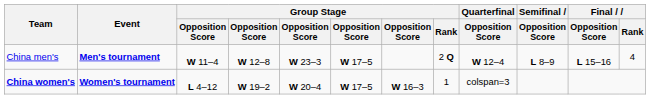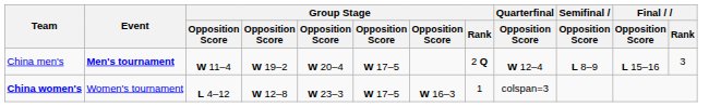 <table class=wikitable style=font-size:85%;text-align:center>
 <tr>
 <th rowspan=2>Team</th>
 <th rowspan=2>Event</th>
 <th colspan=6>Group Stage</th>
 <th>Quarterfinal</th>
 <th>Semifinal / </th>
 <th colspan=2>Final /  / </th>
 </tr>
 <tr style="font-size:95%">
 <th>Opposition<br>Score</th>
 <th>Opposition<br>Score</th>
 <th>Opposition<br>Score</th>
 <th>Opposition<br>Score</th>
 <th>Opposition<br>Score</th>
 <th>Rank</th>
 <th>Opposition<br>Score</th>
 <th>Opposition<br>Score</th>
 <th>Opposition<br>Score</th>
 <th>Rank</th>
 </tr>
 <tr>
 <td align=left><a href='#'>China men's</a></td>
 <td align=left><strong><a href='#'>Men's tournament</a></strong></td>
 <td><br><strong>W</strong> 11–4</td>
-<td><br><strong>W</strong> 12–8</td>
-<td><br><strong>W</strong> 23–3</td>
+<td><br><strong>W</strong> 19–2</td>
+<td><br><strong>W</strong> 20–4</td>
 <td><br><strong>W</strong> 17–5</td>
 <td></td>
 <td>2 <strong>Q</strong></td>
 <td><br><strong>W</strong> 12–4</td>
 <td><br><strong>L</strong> 8–9</td>
 <td><br><strong>L</strong> 15–16</td>
-<td>4</td>
+<td>3</td>
 </tr>
 <tr>
 <td align=left><strong><a href='#'>China women's</a></strong></td>
-<td align=left><strong><a href='#'>Women's tournament</a></strong></td>
+<td align=left><a href='#'>Women's tournament</a></td>
 <td><br><strong>L</strong> 4–12</td>
-<td><br><strong>W</strong> 19–2</td>
-<td><br><strong>W</strong> 20–4</td>
+<td><br><strong>W</strong> 12–8</td>
+<td><br><strong>W</strong> 23–3</td>
 <td><br><strong>W</strong> 17–5</td>
 <td><br><strong>W</strong> 16–3</td>
 <td>1</td>
 <td>colspan=3 </td>
 <td></td>
 </tr>
 </table>
